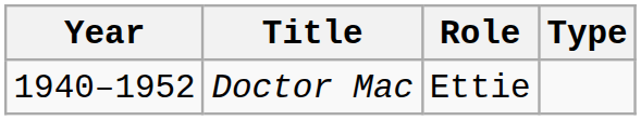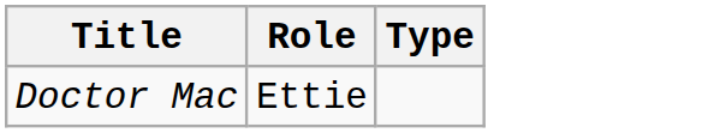 <table class="wikitable">
 <tr>
-<th>Year</th>
 <th>Title</th>
 <th>Role</th>
 <th>Type</th>
 </tr>
 <tr>
-<td>1940–1952</td>
 <td><em>Doctor Mac</em></td>
 <td>Ettie</td>
 <td></td>
 </tr>
 </table>
